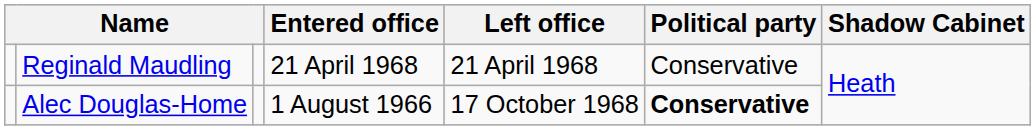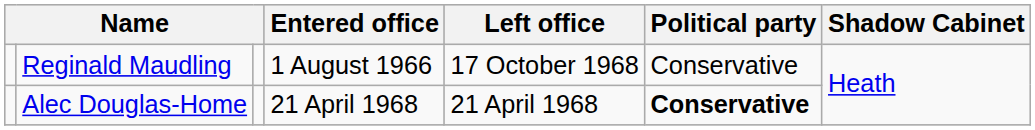 <table class="wikitable">
 <tr>
 <th colspan=3>Name</th>
 <th>Entered office</th>
 <th>Left office</th>
 <th>Political party</th>
 <th>Shadow Cabinet</th>
 </tr>
 <tr>
 <td style="background-color: "></td>
 <td><a href='#'>Reginald Maudling</a></td>
 <td></td>
-<td>21 April 1968</td>
-<td>21 April 1968</td>
+<td>1 August 1966</td>
+<td>17 October 1968</td>
 <td>Conservative</td>
 <td rowspan=2 ><a href='#'>Heath</a></td>
 </tr>
 <tr>
 <td style="background-color: "></td>
 <td><a href='#'>Alec Douglas-Home</a></td>
 <td></td>
-<td>1 August 1966</td>
-<td>17 October 1968</td>
+<td>21 April 1968</td>
+<td>21 April 1968</td>
 <td><strong>Conservative</strong></td>
 </tr>
 </table>
